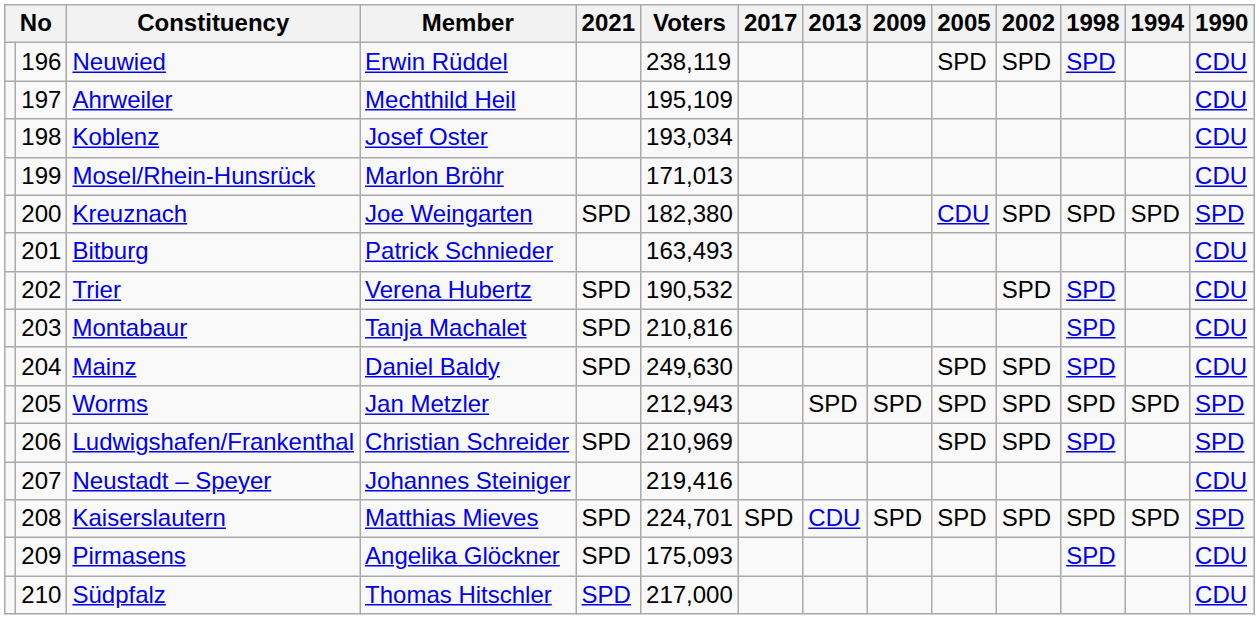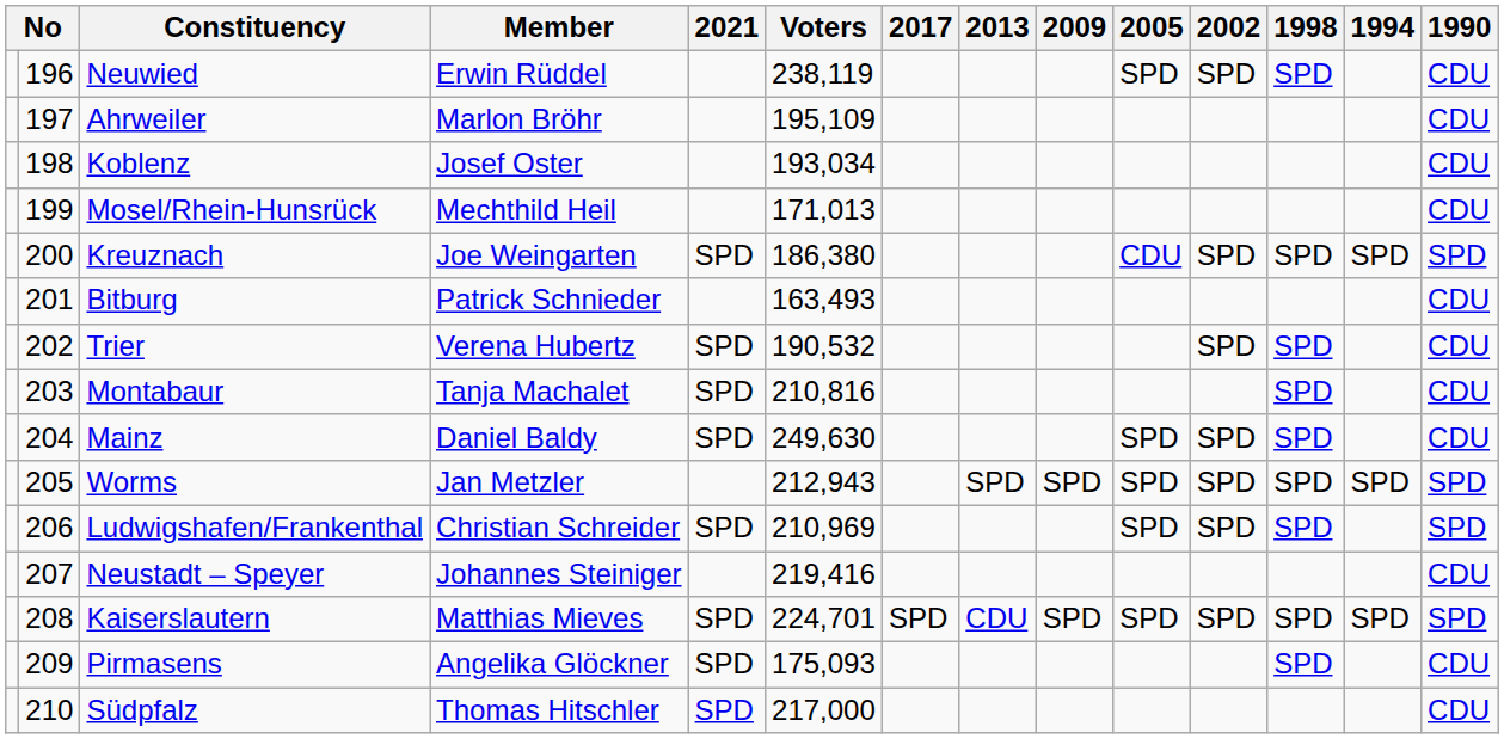 <table class="wikitable sortable">
 <tr>
 <th colspan=2>No</th>
 <th>Constituency</th>
 <th>Member</th>
 <th>2021</th>
 <th>Voters</th>
 <th>2017</th>
 <th>2013</th>
 <th>2009</th>
 <th>2005</th>
 <th>2002</th>
 <th>1998</th>
 <th>1994</th>
 <th>1990</th>
 </tr>
 <tr>
 <td style="background-color: "></td>
 <td>196</td>
 <td><a href='#'>Neuwied</a></td>
 <td><a href='#'>Erwin Rüddel</a></td>
 <td bgcolor=></td>
 <td>238,119</td>
 <td></td>
 <td></td>
 <td></td>
 <td bgcolor=>SPD</td>
 <td bgcolor=>SPD</td>
 <td><a href='#'>SPD</a></td>
 <td></td>
 <td><a href='#'>CDU</a></td>
 </tr>
 <tr>
 <td style="background-color: "></td>
 <td>197</td>
 <td><a href='#'>Ahrweiler</a></td>
-<td><a href='#'>Mechthild Heil</a></td>
+<td><a href='#'>Marlon Bröhr</a></td>
 <td bgcolor=></td>
 <td>195,109</td>
 <td></td>
 <td></td>
 <td></td>
 <td></td>
 <td></td>
 <td></td>
 <td></td>
 <td><a href='#'>CDU</a></td>
 </tr>
 <tr>
 <td style="background-color: "></td>
 <td>198</td>
 <td><a href='#'>Koblenz</a></td>
 <td><a href='#'>Josef Oster</a></td>
 <td bgcolor=></td>
 <td>193,034</td>
 <td></td>
 <td></td>
 <td></td>
 <td></td>
 <td></td>
 <td></td>
 <td></td>
 <td><a href='#'>CDU</a></td>
 </tr>
 <tr>
 <td style="background-color: "></td>
 <td>199</td>
 <td><a href='#'>Mosel/Rhein-Hunsrück</a></td>
-<td><a href='#'>Marlon Bröhr</a></td>
+<td><a href='#'>Mechthild Heil</a></td>
 <td bgcolor=></td>
 <td>171,013</td>
 <td></td>
 <td></td>
 <td></td>
 <td bgcolor=></td>
 <td bgcolor=></td>
 <td bgcolor=></td>
 <td></td>
 <td><a href='#'>CDU</a></td>
 </tr>
 <tr>
 <td style="background-color: "></td>
 <td>200</td>
 <td><a href='#'>Kreuznach</a></td>
 <td><a href='#'>Joe Weingarten</a></td>
 <td bgcolor=>SPD</td>
-<td>182,380</td>
+<td>186,380</td>
 <td></td>
 <td></td>
 <td></td>
 <td><a href='#'>CDU</a></td>
 <td bgcolor=>SPD</td>
 <td bgcolor=>SPD</td>
 <td bgcolor=>SPD</td>
 <td><a href='#'>SPD</a></td>
 </tr>
 <tr>
 <td style="background-color: "></td>
 <td>201</td>
 <td><a href='#'>Bitburg</a></td>
 <td><a href='#'>Patrick Schnieder</a></td>
 <td bgcolor=></td>
 <td>163,493</td>
 <td></td>
 <td></td>
 <td></td>
 <td bgcolor=></td>
 <td bgcolor=></td>
 <td bgcolor=></td>
 <td></td>
 <td><a href='#'>CDU</a></td>
 </tr>
 <tr>
 <td style="background-color: "></td>
 <td>202</td>
 <td><a href='#'>Trier</a></td>
 <td><a href='#'>Verena Hubertz</a></td>
 <td bgcolor=>SPD</td>
 <td>190,532</td>
 <td></td>
 <td></td>
 <td></td>
 <td></td>
 <td bgcolor=>SPD</td>
 <td><a href='#'>SPD</a></td>
 <td></td>
 <td><a href='#'>CDU</a></td>
 </tr>
 <tr>
 <td style="background-color: "></td>
 <td>203</td>
 <td><a href='#'>Montabaur</a></td>
 <td><a href='#'>Tanja Machalet</a></td>
 <td bgcolor=>SPD</td>
 <td>210,816</td>
 <td></td>
 <td></td>
 <td></td>
 <td></td>
 <td></td>
 <td><a href='#'>SPD</a></td>
 <td></td>
 <td><a href='#'>CDU</a></td>
 </tr>
 <tr>
 <td style="background-color: "></td>
 <td>204</td>
 <td><a href='#'>Mainz</a></td>
 <td><a href='#'>Daniel Baldy</a></td>
 <td bgcolor=>SPD</td>
 <td>249,630</td>
 <td></td>
 <td></td>
 <td></td>
 <td bgcolor=>SPD</td>
 <td bgcolor=>SPD</td>
 <td><a href='#'>SPD</a></td>
 <td></td>
 <td><a href='#'>CDU</a></td>
 </tr>
 <tr>
 <td style="background-color: "></td>
 <td>205</td>
 <td><a href='#'>Worms</a></td>
 <td><a href='#'>Jan Metzler</a></td>
 <td bgcolor=></td>
 <td>212,943</td>
 <td></td>
 <td bgcolor=>SPD</td>
 <td bgcolor=>SPD</td>
 <td bgcolor=>SPD</td>
 <td bgcolor=>SPD</td>
 <td bgcolor=>SPD</td>
 <td bgcolor=>SPD</td>
 <td><a href='#'>SPD</a></td>
 </tr>
 <tr>
 <td style="background-color: "></td>
 <td>206</td>
 <td><a href='#'>Ludwigshafen/Frankenthal</a></td>
 <td><a href='#'>Christian Schreider</a></td>
 <td bgcolor=>SPD</td>
 <td>210,969</td>
 <td></td>
 <td></td>
 <td></td>
 <td bgcolor=>SPD</td>
 <td bgcolor=>SPD</td>
 <td><a href='#'>SPD</a></td>
 <td></td>
 <td><a href='#'>SPD</a></td>
 </tr>
 <tr>
 <td style="background-color: "></td>
 <td>207</td>
 <td><a href='#'>Neustadt – Speyer</a></td>
 <td><a href='#'>Johannes Steiniger</a></td>
 <td bgcolor=></td>
 <td>219,416</td>
 <td></td>
 <td></td>
 <td></td>
 <td></td>
 <td></td>
 <td></td>
 <td></td>
 <td><a href='#'>CDU</a></td>
 </tr>
 <tr>
 <td style="background-color: "></td>
 <td>208</td>
 <td><a href='#'>Kaiserslautern</a></td>
 <td><a href='#'>Matthias Mieves</a></td>
 <td bgcolor=>SPD</td>
 <td>224,701</td>
 <td bgcolor=>SPD</td>
 <td><a href='#'>CDU</a></td>
 <td bgcolor=>SPD</td>
 <td bgcolor=>SPD</td>
 <td bgcolor=>SPD</td>
 <td bgcolor=>SPD</td>
 <td bgcolor=>SPD</td>
 <td><a href='#'>SPD</a></td>
 </tr>
 <tr>
 <td style="background-color: "></td>
 <td>209</td>
 <td><a href='#'>Pirmasens</a></td>
 <td><a href='#'>Angelika Glöckner</a></td>
 <td bgcolor=>SPD</td>
 <td>175,093</td>
 <td></td>
 <td></td>
 <td></td>
 <td></td>
 <td></td>
 <td><a href='#'>SPD</a></td>
 <td></td>
 <td><a href='#'>CDU</a></td>
 </tr>
 <tr>
 <td style="background-color: "></td>
 <td>210</td>
 <td><a href='#'>Südpfalz</a></td>
 <td><a href='#'>Thomas Hitschler</a></td>
 <td><a href='#'>SPD</a></td>
 <td>217,000</td>
 <td></td>
 <td></td>
 <td></td>
 <td></td>
 <td></td>
 <td></td>
 <td></td>
 <td><a href='#'>CDU</a></td>
 </tr>
 </table>
